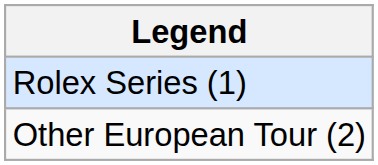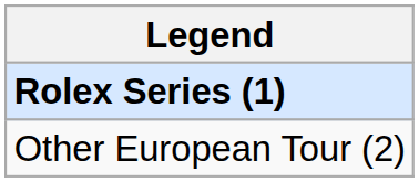 <table class="wikitable" style="font-size:95%;">
 <tr>
 <th>Legend</th>
 </tr>
 <tr style="background:#D6E8FF;">
-<td>Rolex Series (1)</td>
+<td><strong>Rolex Series (1)</strong></td>
 </tr>
 <tr>
 <td>Other European Tour (2)</td>
 </tr>
 </table>
